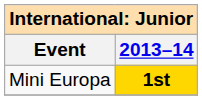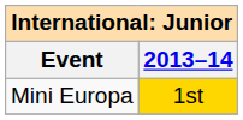 <table class="wikitable" style="text-align:center">
 <tr>
 <th style="background-color: #ffdead; " colspan=4 align=center>International: Junior</th>
 </tr>
 <tr>
 <th>Event</th>
 <th><a href='#'>2013–14</a></th>
 </tr>
 <tr>
 <td align=left>Mini Europa</td>
-<td bgcolor=gold><strong>1st </strong></td>
+<td bgcolor=gold>1st </td>
 </tr>
 <tr>
 </tr>
 </table>
